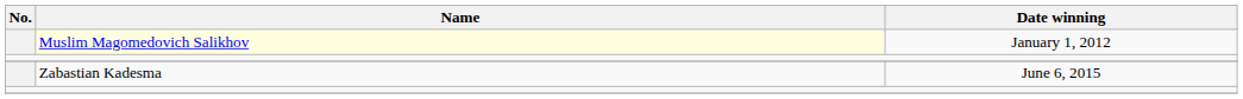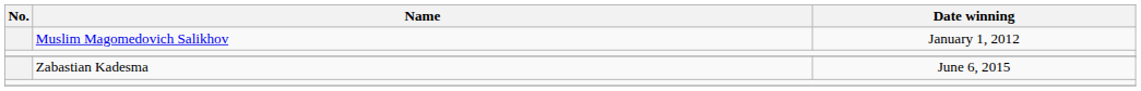 <table class="wikitable" width=100%>
 <tr>
 <th style="width:1%;">No.</th>
 <th style="width:70%;">Name</th>
 <th style="width:29%;">Date winning</th>
 </tr>
 <tr align=center>
 <th></th>
-<td align=left style="background: lightyellow;"> <a href='#'>Muslim Magomedovich Salikhov</a></td>
+<td align=left> <a href='#'>Muslim Magomedovich Salikhov</a></td>
 <td>January 1, 2012</td>
 </tr>
 <tr>
 <td colspan="6"></td>
 </tr>
 <tr>
 </tr>
 <tr align=center>
 <th></th>
 <td align=left> Zabastian Kadesma</td>
 <td>June 6, 2015</td>
 </tr>
 <tr>
 <td colspan="6"></td>
 </tr>
 <tr>
 </tr>
 </table>
